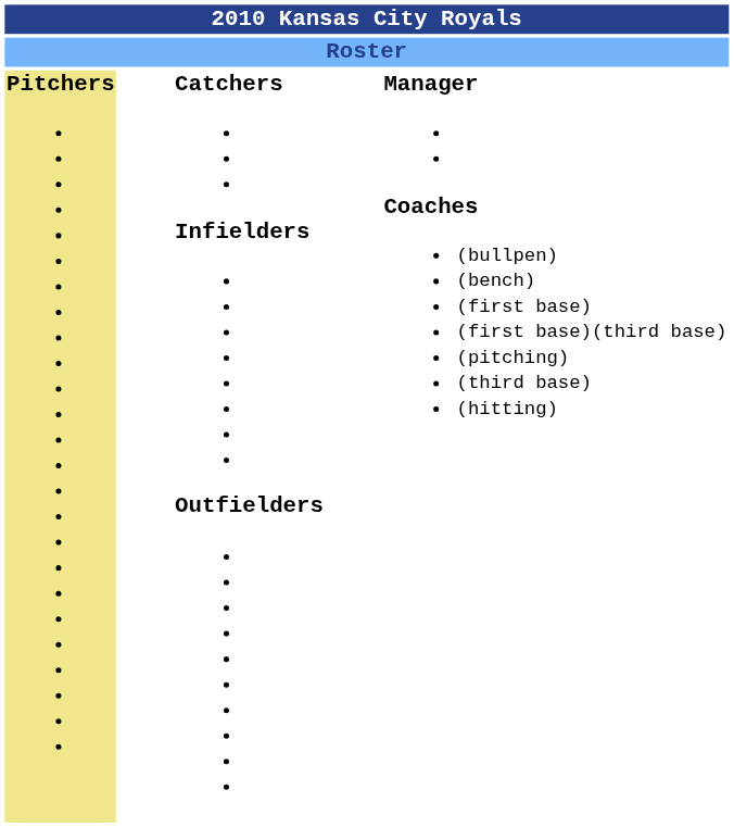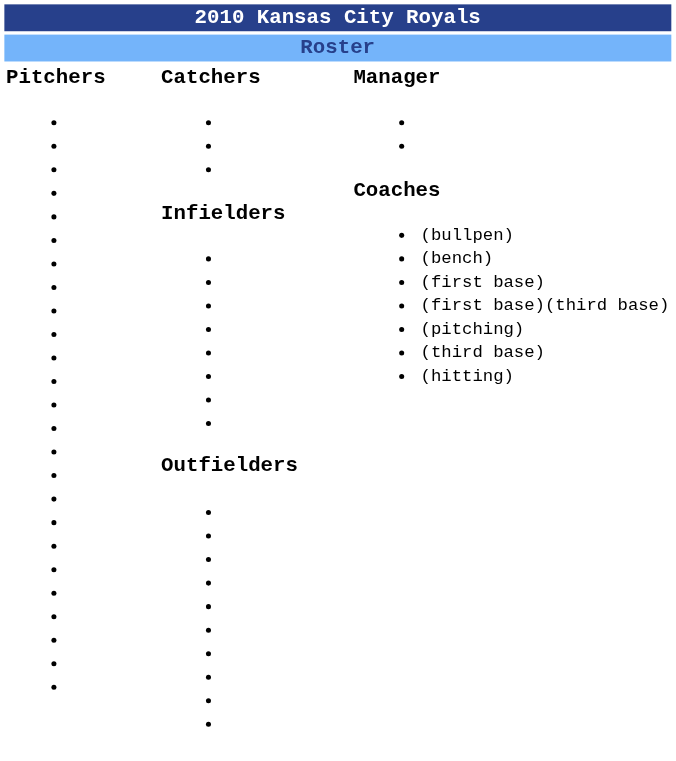 <table class="toccolours" style="font-size: 95%;">
 <tr>
 <th colspan="10" style="background-color: #27408B; color: #FFFFFF; text-align: center;">2010 Kansas City Royals</th>
 </tr>
 <tr>
 <td colspan="10" style="background-color: #74B4FA; color: #27408B; text-align: center;"><strong>Roster</strong></td>
 </tr>
 <tr>
-<td valign="top" style="background: khaki;"><strong>Pitchers</strong><br><ul><li></li><li></li><li></li><li></li><li></li><li></li><li></li><li></li><li></li><li></li><li></li><li></li><li></li><li></li><li></li><li></li><li></li><li></li><li></li><li></li><li></li><li></li><li></li><li></li><li></li></ul></td>
+<td valign="top"><strong>Pitchers</strong><br><ul><li></li><li></li><li></li><li></li><li></li><li></li><li></li><li></li><li></li><li></li><li></li><li></li><li></li><li></li><li></li><li></li><li></li><li></li><li></li><li></li><li></li><li></li><li></li><li></li><li></li></ul></td>
 <td width="25px"></td>
 <td valign="top"><strong>Catchers</strong><br><ul><li></li><li></li><li></li></ul><strong>Infielders</strong><ul><li></li><li></li><li></li><li></li><li></li><li></li><li></li><li></li></ul><strong>Outfielders</strong><ul><li></li><li></li><li></li><li></li><li></li><li></li><li></li><li></li><li></li><li></li></ul></td>
 <td width="25px"></td>
 <td valign="top"><strong>Manager</strong><br><ul><li></li><li></li></ul><strong>Coaches</strong><ul><li> <small>(bullpen)</small></li><li> <small>(bench)</small></li><li> <small>(first base)</small></li><li> <small>(first base)(third base)</small></li><li> <small>(pitching)</small></li><li> <small>(third base)</small></li><li> <small>(hitting)</small></li></ul></td>
 </tr>
 </table>
